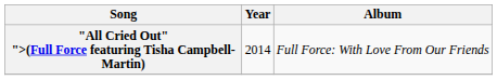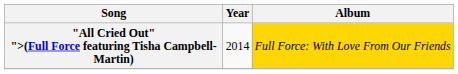 <table class="wikitable plainrowheaders" style="text-align:center;" border="1">
 <tr>
 <th scope="col" style="width:18em;">Song</th>
 <th scope="col">Year</th>
 <th scope="col">Album</th>
 </tr>
 <tr>
 <th scope="row">"All Cried Out"<br><span>">(<a href='#'>Full Force</a> featuring Tisha Campbell-Martin)</span></th>
 <td>2014</td>
-<td><em>Full Force: With Love From Our Friends</em></td>
+<td style="background: gold;"><em>Full Force: With Love From Our Friends</em></td>
 </tr>
 <tr>
 </tr>
 </table>
